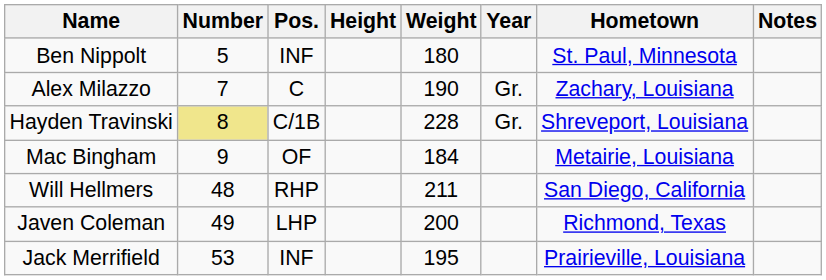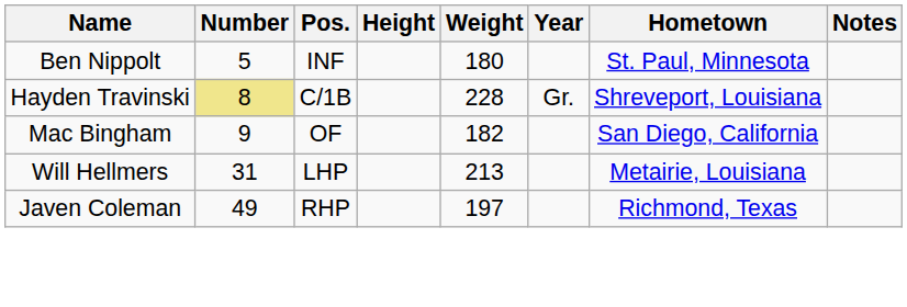 <table class="wikitable sortable sortable" style="text-align: center">
 <tr align=center>
 <th>Name</th>
 <th>Number</th>
 <th>Pos.</th>
 <th>Height</th>
 <th>Weight</th>
 <th>Year</th>
 <th>Hometown</th>
 <th>Notes</th>
 </tr>
 <tr>
 <td>Ben Nippolt</td>
 <td>5</td>
 <td>INF</td>
 <td></td>
 <td>180</td>
 <td></td>
 <td><a href='#'>St. Paul, Minnesota</a></td>
 <td></td>
 </tr>
 <tr>
-<td>Alex Milazzo</td>
-<td>7</td>
-<td>C</td>
-<td></td>
-<td>190</td>
-<td>Gr.</td>
-<td><a href='#'>Zachary, Louisiana</a></td>
-<td></td>
-</tr>
-<tr>
 <td>Hayden Travinski</td>
 <td style="background: khaki;">8</td>
 <td>C/1B</td>
 <td></td>
 <td>228</td>
 <td>Gr.</td>
 <td><a href='#'>Shreveport, Louisiana</a></td>
 <td></td>
 </tr>
 <tr>
 <td>Mac Bingham</td>
 <td>9</td>
 <td>OF</td>
 <td></td>
-<td>184</td>
+<td>182</td>
+<td></td>
+<td><a href='#'>San Diego, California</a></td>
+<td></td>
+</tr>
+<tr>
+<td>Will Hellmers</td>
+<td>31</td>
+<td>LHP</td>
+<td></td>
+<td>213</td>
 <td></td>
 <td><a href='#'>Metairie, Louisiana</a></td>
 <td></td>
 </tr>
 <tr>
-<td>Will Hellmers</td>
-<td>48</td>
+<td>Javen Coleman</td>
+<td>49</td>
 <td>RHP</td>
 <td></td>
-<td>211</td>
-<td></td>
-<td><a href='#'>San Diego, California</a></td>
-<td></td>
-</tr>
-<tr>
-<td>Javen Coleman</td>
-<td>49</td>
-<td>LHP</td>
-<td></td>
-<td>200</td>
+<td>197</td>
 <td></td>
 <td><a href='#'>Richmond, Texas</a></td>
 <td></td>
 </tr>
-<tr>
-<td>Jack Merrifield</td>
-<td>53</td>
-<td>INF</td>
-<td></td>
-<td>195</td>
-<td></td>
-<td><a href='#'>Prairieville, Louisiana</a></td>
-<td></td>
-</tr>
 </table>
